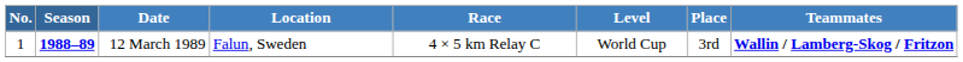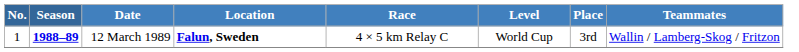 <table class="wikitable sortable" style="font-size:95%; text-align:center; border:grey solid 1px; border-collapse:collapse; background:#ffffff;">
 <tr style="background:#efefef;">
 <th style="background-color:#369; color:white;">No.</th>
 <th style="background-color:#369; color:white;">Season</th>
 <th style="background-color:#4180be; color:white; width:100px;">Date</th>
 <th style="background-color:#4180be; color:white; width:170px;">Location</th>
 <th style="background-color:#4180be; color:white; width:170px;">Race</th>
 <th style="background-color:#4180be; color:white; width:100px;">Level</th>
 <th style="background-color:#4180be; color:white;">Place</th>
 <th style="background-color:#4180be; color:white;">Teammates</th>
 </tr>
 <tr>
 <td align=center>1</td>
 <td rowspan=1 align=center><strong><a href='#'>1988–89</a></strong></td>
 <td align=right>12 March 1989</td>
-<td align=left> <a href='#'>Falun</a>, Sweden</td>
+<td align=left><strong> <a href='#'>Falun</a>, Sweden</strong></td>
 <td>4 × 5 km Relay C</td>
 <td>World Cup</td>
 <td>3rd</td>
-<td><strong><a href='#'>Wallin</a> / <a href='#'>Lamberg-Skog</a> / <a href='#'>Fritzon</a></strong></td>
+<td><a href='#'>Wallin</a> / <a href='#'>Lamberg-Skog</a> / <a href='#'>Fritzon</a></td>
 </tr>
 <tr>
 </tr>
 </table>
